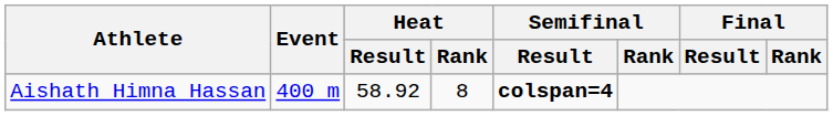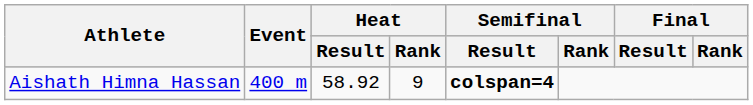 <table class="wikitable">
 <tr>
 <th rowspan="2">Athlete</th>
 <th rowspan="2">Event</th>
 <th colspan="2">Heat</th>
 <th colspan="2">Semifinal</th>
 <th colspan="2">Final</th>
 </tr>
 <tr>
 <th>Result</th>
 <th>Rank</th>
 <th>Result</th>
 <th>Rank</th>
 <th>Result</th>
 <th>Rank</th>
 </tr>
 <tr style=text-align:center>
 <td style=text-align:left><a href='#'>Aishath Himna Hassan</a></td>
 <td style=text-align:left><a href='#'>400 m</a></td>
 <td>58.92</td>
-<td>8</td>
+<td>9</td>
 <td><strong>colspan=4 </strong></td>
 </tr>
 </table>
